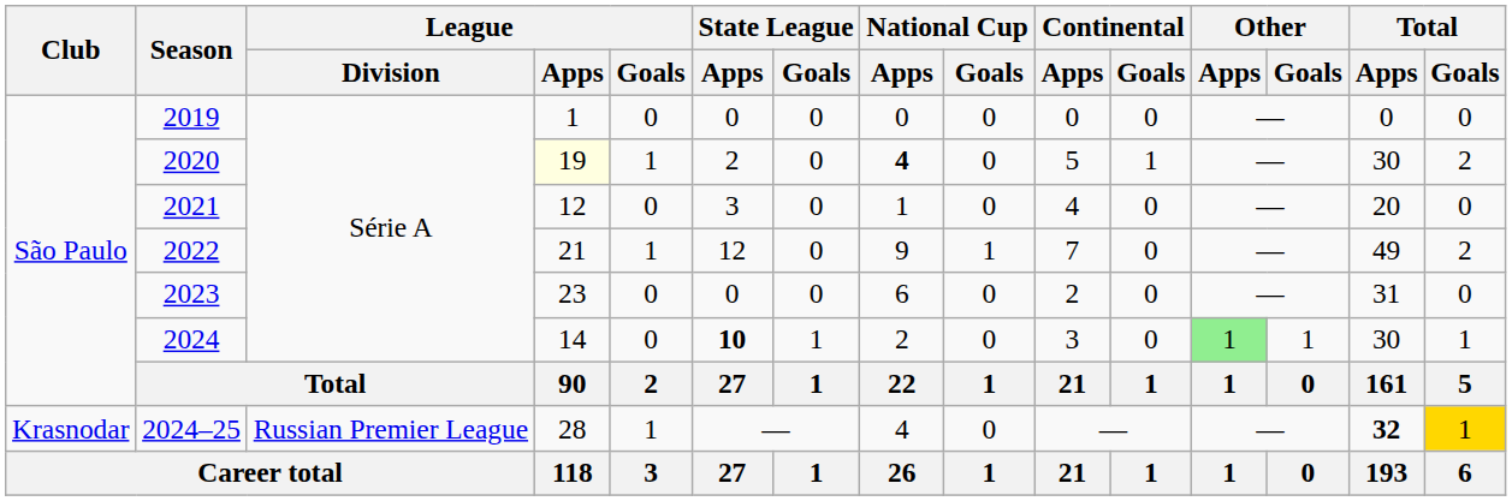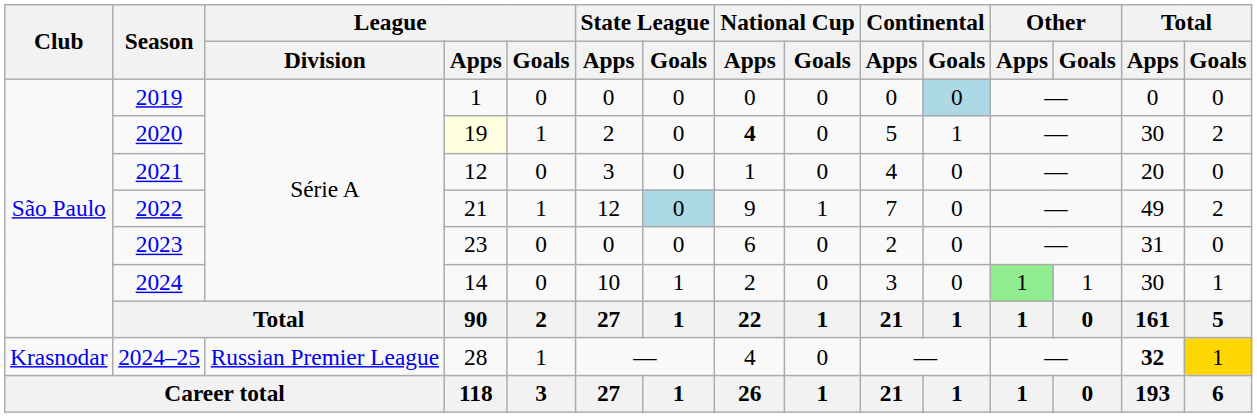 <table class="wikitable" style="text-align:center">
 <tr>
 <th rowspan="2">Club</th>
 <th rowspan="2">Season</th>
 <th colspan="3">League</th>
 <th colspan="2">State League</th>
 <th colspan="2">National Cup</th>
 <th colspan="2">Continental</th>
 <th colspan="2">Other</th>
 <th colspan="2">Total</th>
 </tr>
 <tr>
 <th>Division</th>
 <th>Apps</th>
 <th>Goals</th>
 <th>Apps</th>
 <th>Goals</th>
 <th>Apps</th>
 <th>Goals</th>
 <th>Apps</th>
 <th>Goals</th>
 <th>Apps</th>
 <th>Goals</th>
 <th>Apps</th>
 <th>Goals</th>
 </tr>
 <tr>
 <td rowspan="7"><a href='#'>São Paulo</a></td>
 <td><a href='#'>2019</a></td>
 <td rowspan="6">Série A</td>
 <td>1</td>
 <td>0</td>
 <td>0</td>
 <td>0</td>
 <td>0</td>
 <td>0</td>
 <td>0</td>
-<td>0</td>
+<td style="background: lightblue;">0</td>
 <td colspan="2">—</td>
 <td>0</td>
 <td>0</td>
 </tr>
 <tr>
 <td><a href='#'>2020</a></td>
 <td style="background: lightyellow;">19</td>
 <td>1</td>
 <td>2</td>
 <td>0</td>
 <td><strong>4</strong></td>
 <td>0</td>
 <td>5</td>
 <td>1</td>
 <td colspan="2">—</td>
 <td>30</td>
 <td>2</td>
 </tr>
 <tr>
 <td><a href='#'>2021</a></td>
 <td>12</td>
 <td>0</td>
 <td>3</td>
 <td>0</td>
 <td>1</td>
 <td>0</td>
 <td>4</td>
 <td>0</td>
 <td colspan="2">—</td>
 <td>20</td>
 <td>0</td>
 </tr>
 <tr>
 <td><a href='#'>2022</a></td>
 <td>21</td>
 <td>1</td>
 <td>12</td>
-<td>0</td>
+<td style="background: lightblue;">0</td>
 <td>9</td>
 <td>1</td>
 <td>7</td>
 <td>0</td>
 <td colspan="2">—</td>
 <td>49</td>
 <td>2</td>
 </tr>
 <tr>
 <td><a href='#'>2023</a></td>
 <td>23</td>
 <td>0</td>
 <td>0</td>
 <td>0</td>
 <td>6</td>
 <td>0</td>
 <td>2</td>
 <td>0</td>
 <td colspan="2">—</td>
 <td>31</td>
 <td>0</td>
 </tr>
 <tr>
 <td><a href='#'>2024</a></td>
 <td>14</td>
 <td>0</td>
-<td><strong>10</strong></td>
+<td>10</td>
 <td>1</td>
 <td>2</td>
 <td>0</td>
 <td>3</td>
 <td>0</td>
 <td style="background: lightgreen;">1</td>
 <td>1</td>
 <td>30</td>
 <td>1</td>
 </tr>
 <tr>
 <th colspan="2">Total</th>
 <th>90</th>
 <th>2</th>
 <th>27</th>
 <th>1</th>
 <th>22</th>
 <th>1</th>
 <th>21</th>
 <th>1</th>
 <th>1</th>
 <th>0</th>
 <th>161</th>
 <th>5</th>
 </tr>
 <tr>
 <td><a href='#'>Krasnodar</a></td>
 <td><a href='#'>2024–25</a></td>
 <td><a href='#'>Russian Premier League</a></td>
 <td>28</td>
 <td>1</td>
 <td colspan="2">—</td>
 <td>4</td>
 <td>0</td>
 <td colspan="2">—</td>
 <td colspan="2">—</td>
 <td><strong>32</strong></td>
 <td style="background: gold;">1</td>
 </tr>
 <tr>
 <th colspan="3">Career total</th>
 <th>118</th>
 <th>3</th>
 <th>27</th>
 <th>1</th>
 <th>26</th>
 <th>1</th>
 <th>21</th>
 <th>1</th>
 <th>1</th>
 <th>0</th>
 <th>193</th>
 <th>6</th>
 </tr>
 </table>
